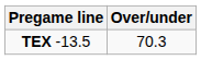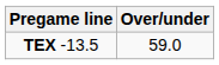 <table class="wikitable" style="margin-left: auto; margin-right: auto; border: none; display: inline-table;">
 <tr align="center">
 <th style=>Pregame line</th>
 <th style=>Over/under</th>
 </tr>
 <tr align="center">
 <td><strong>TEX</strong> -13.5</td>
-<td>70.3</td>
+<td>59.0</td>
 </tr>
 </table>
